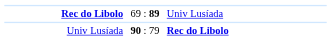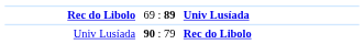 <table style="text-align:center" width=500>
 <tr>
 <th width=30%></th>
 <th width=10%></th>
 <th width=30%></th>
 <th width=10%></th>
 </tr>
 <tr align="left" bgcolor=#D0E7FF>
 <td colspan=4></td>
 </tr>
 <tr>
 <td align="right"><strong><a href='#'>Rec do Libolo</a></strong></td>
 <td>69 : <strong>89</strong></td>
-<td align=left><a href='#'>Univ Lusíada</a></td>
+<td align=left><strong><a href='#'>Univ Lusíada</a></strong></td>
 </tr>
 <tr align="left" bgcolor=#D0E7FF>
 <td colspan=4></td>
 </tr>
 <tr>
 <td align="right"><a href='#'>Univ Lusíada</a></td>
 <td><strong>90</strong> : 79</td>
 <td align=left><strong><a href='#'>Rec do Libolo</a></strong></td>
 </tr>
 </table>
